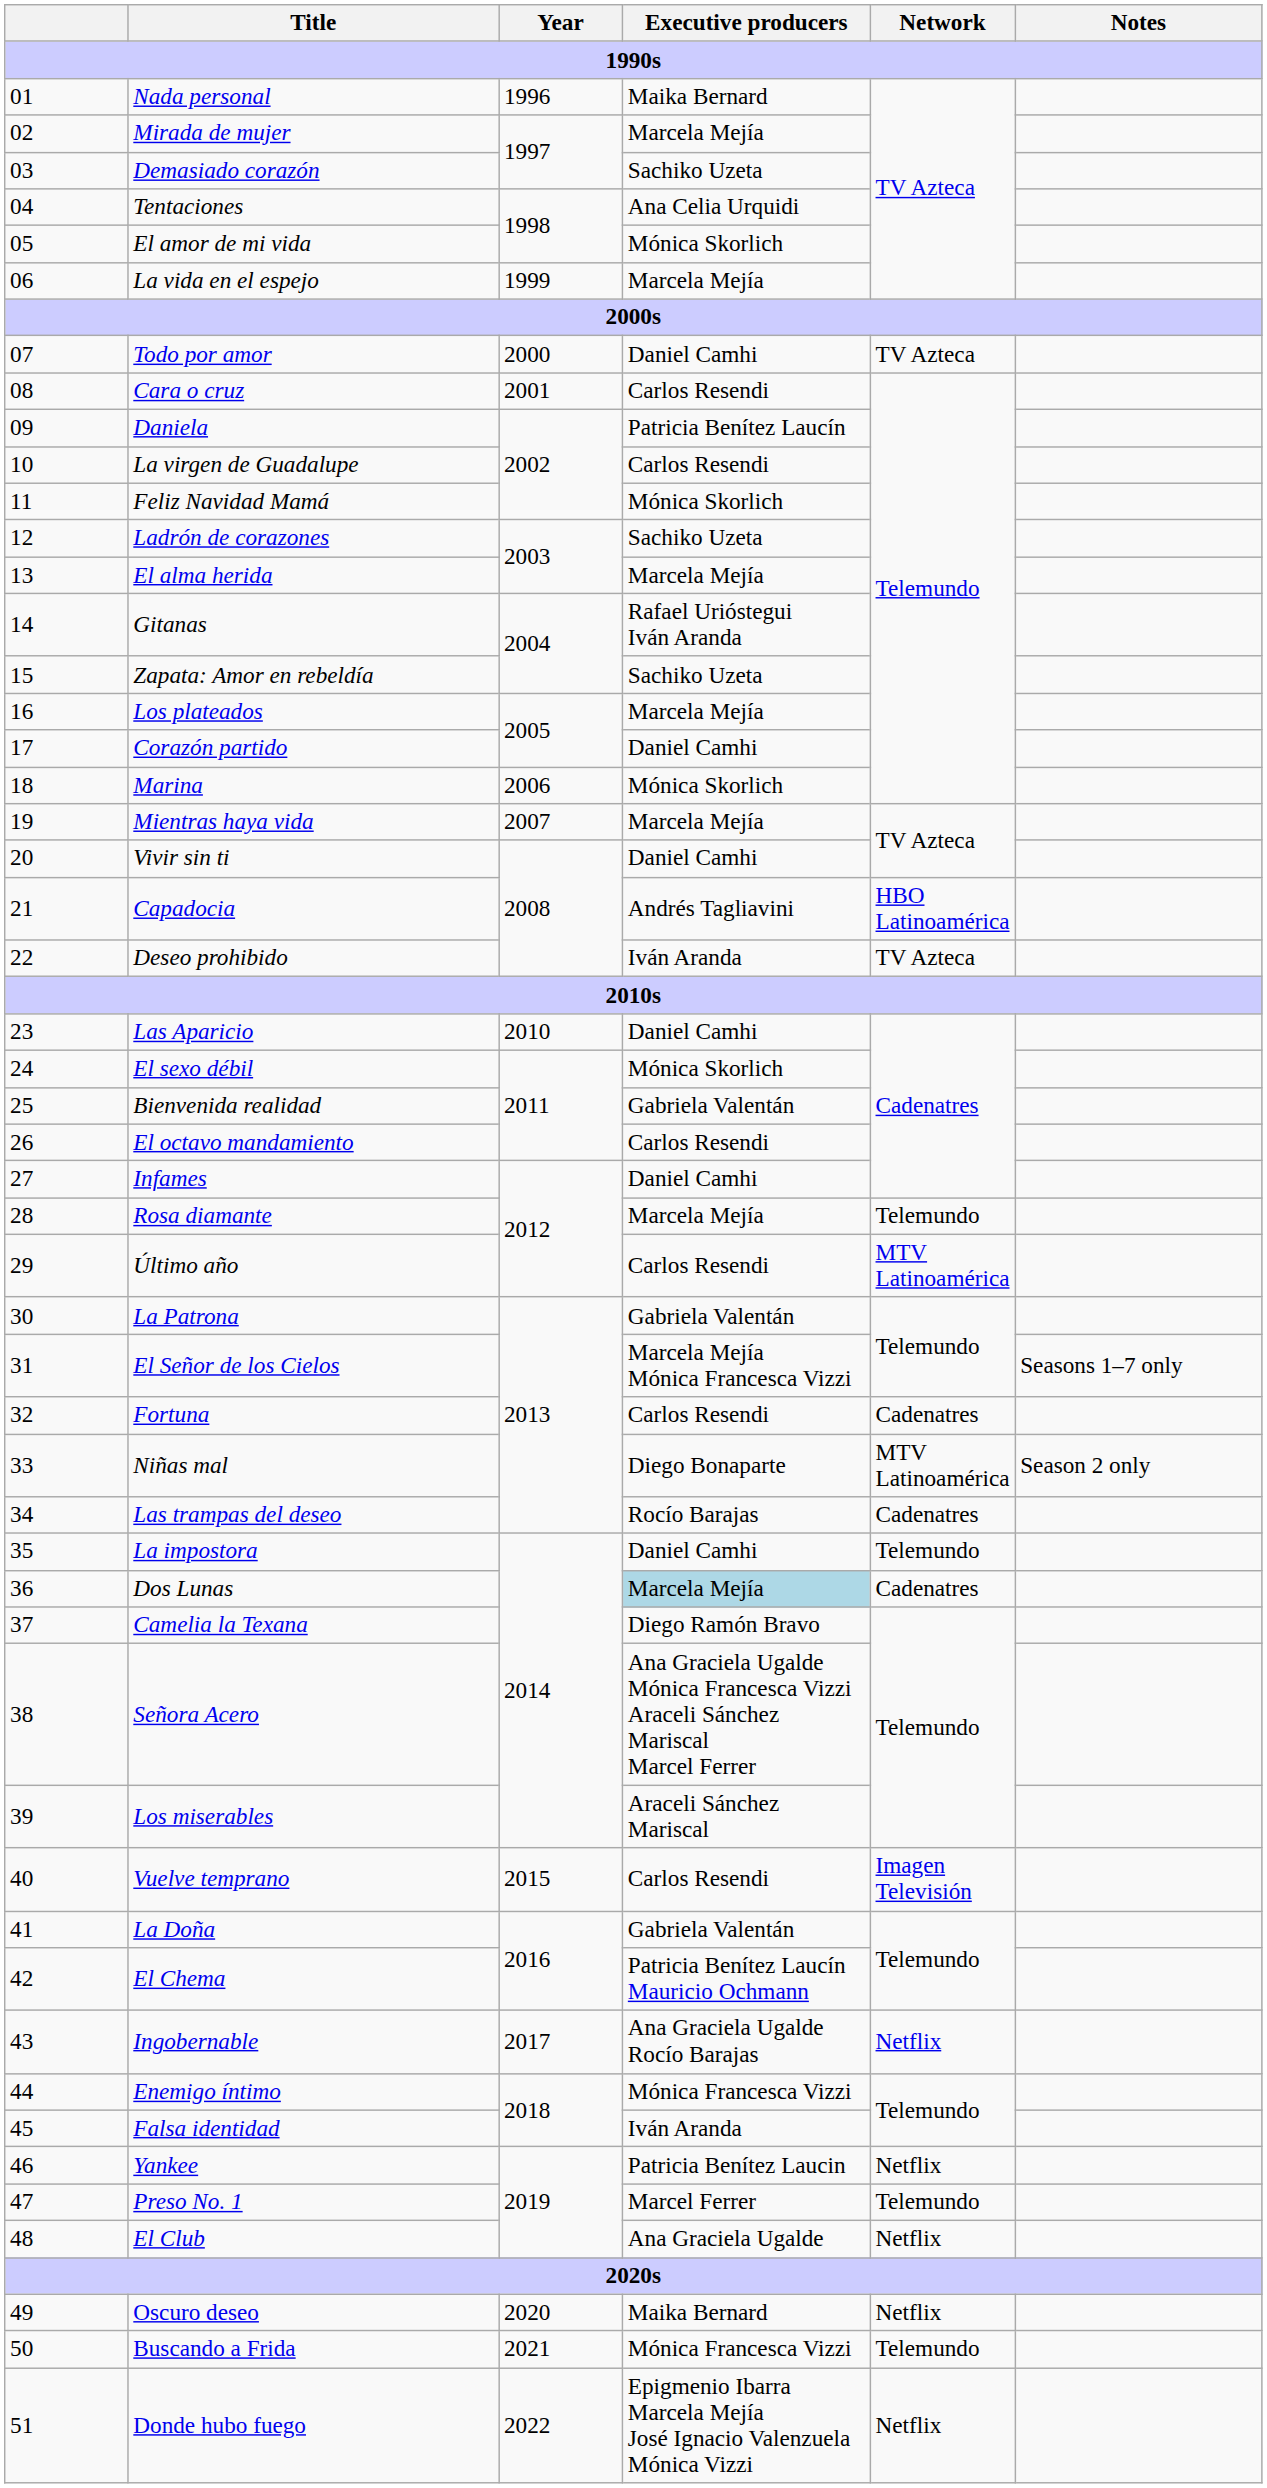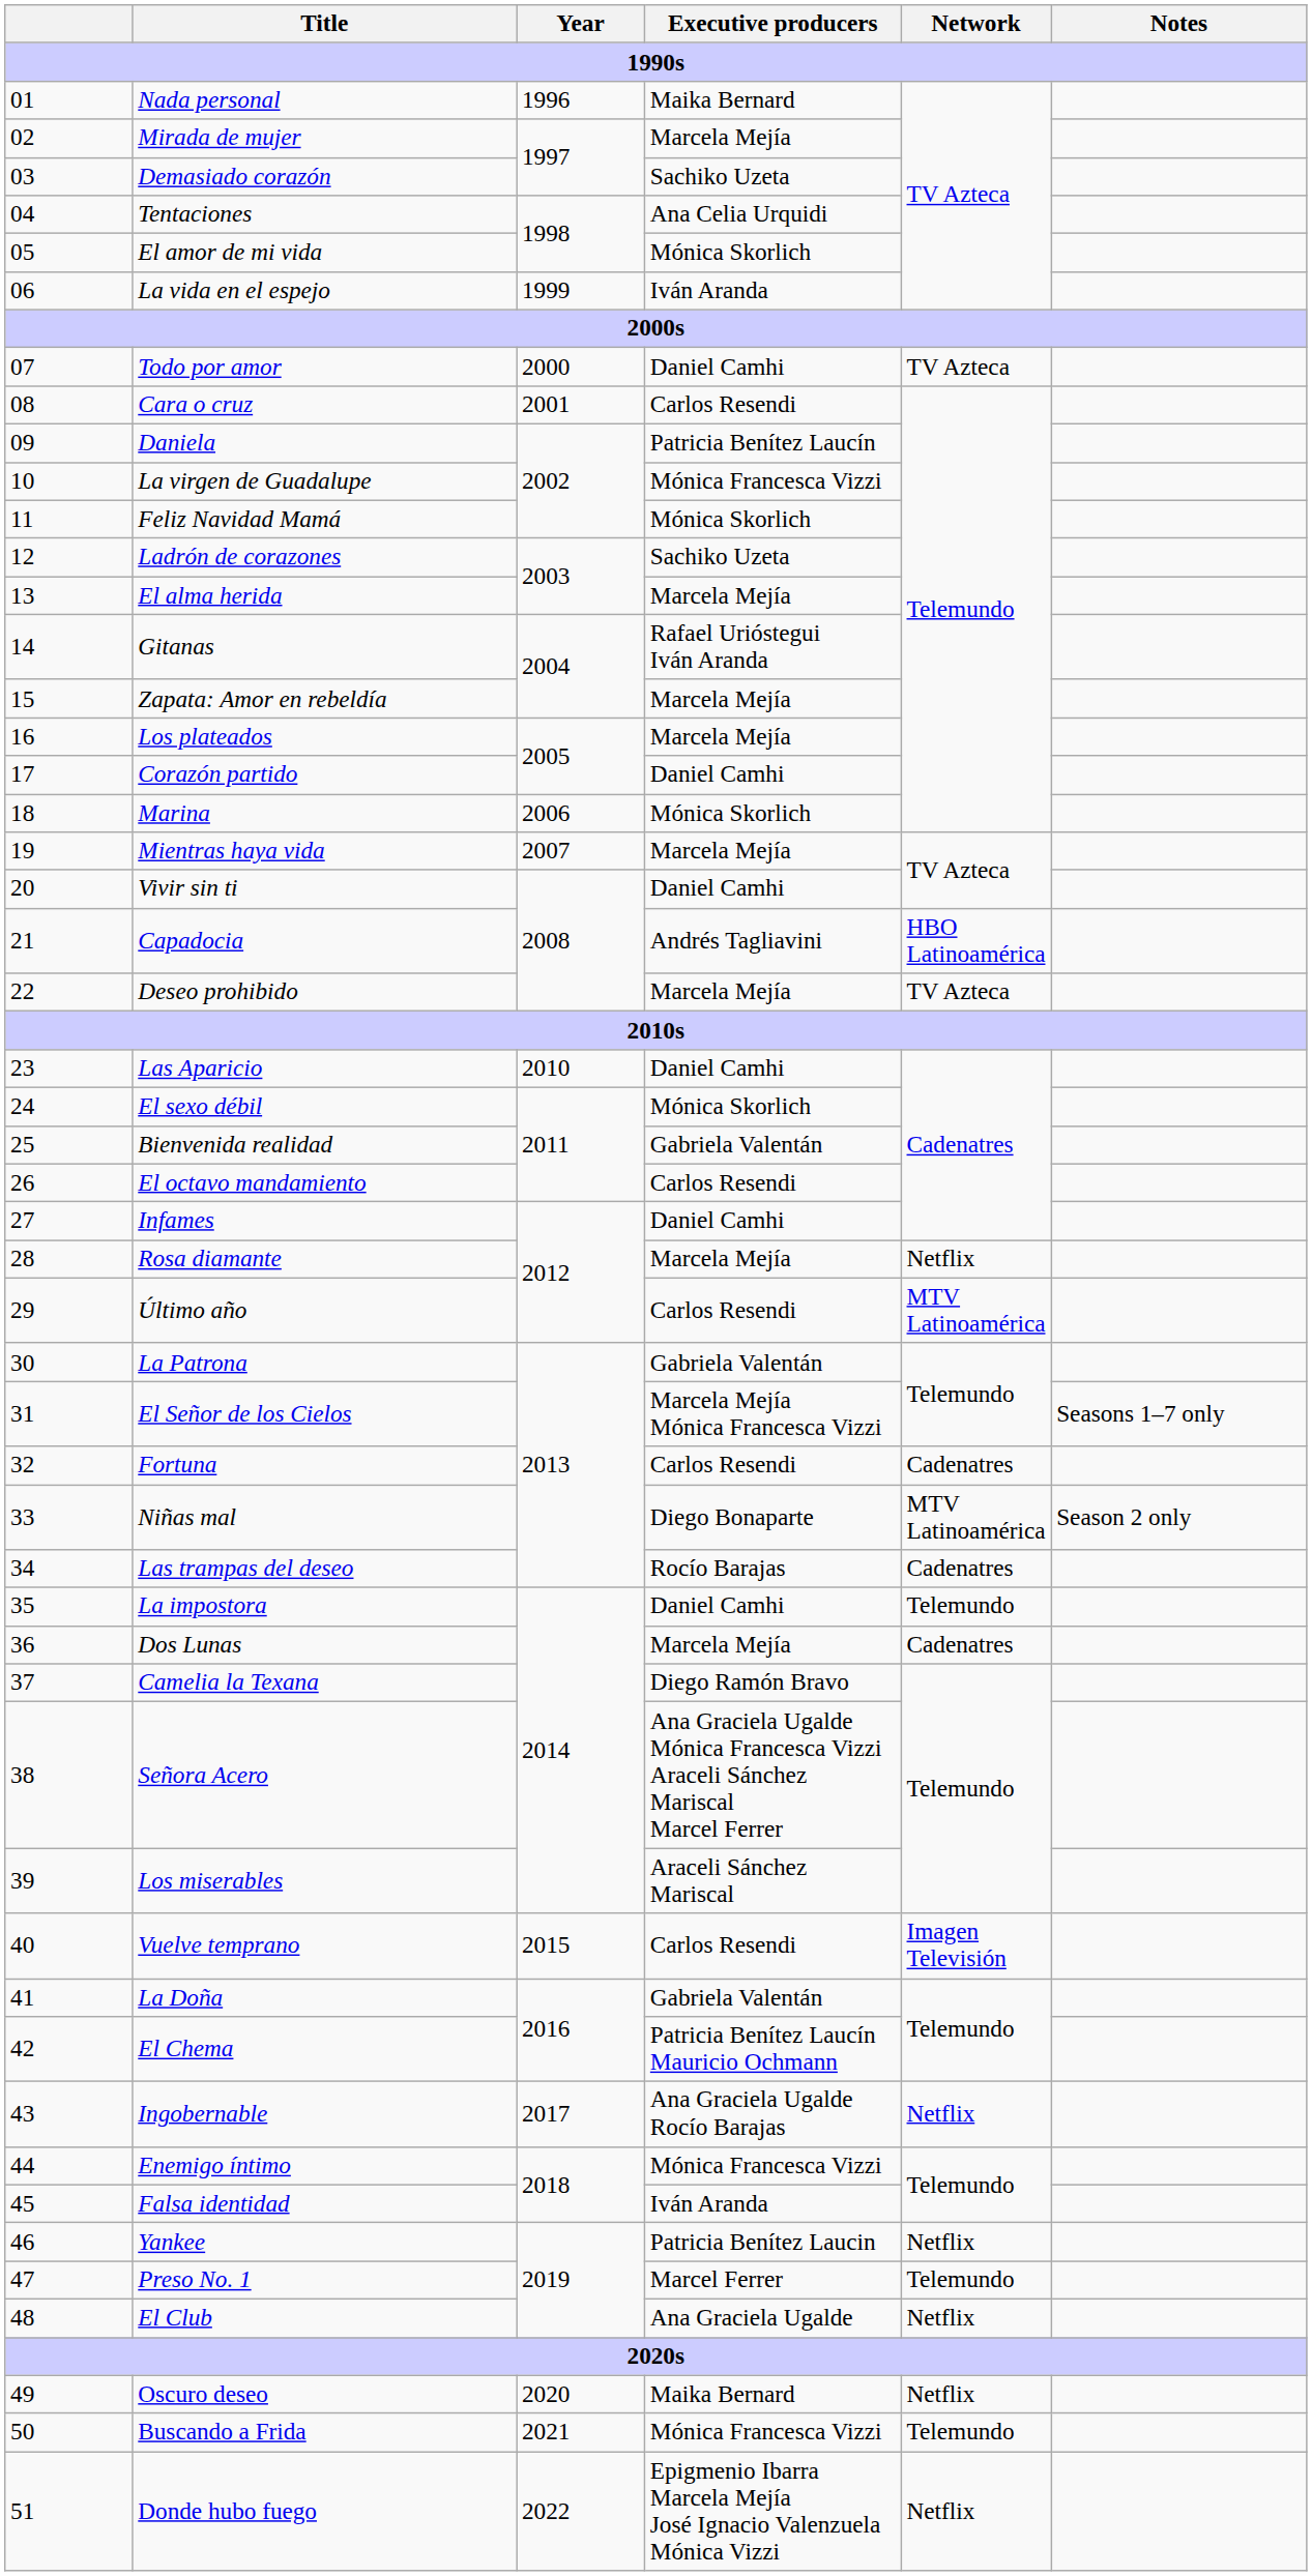 <table class="wikitable sortable">
 <tr>
 <th style="width:10%"></th>
 <th style="width:30%">Title</th>
 <th style="width:10%">Year</th>
 <th style="width:20%">Executive producers</th>
 <th style="width:10%;">Network</th>
 <th style="width:20%">Notes</th>
 </tr>
 <tr>
 <th colspan=6 style="background:#ccccff;">1990s</th>
 </tr>
 <tr>
 <td>01</td>
 <td><em><a href='#'>Nada personal</a></em></td>
 <td>1996</td>
 <td>Maika Bernard</td>
 <td rowspan="6"><a href='#'>TV Azteca</a></td>
 <td></td>
 </tr>
 <tr>
 <td>02</td>
 <td><em><a href='#'>Mirada de mujer</a></em></td>
 <td rowspan="2">1997</td>
 <td>Marcela Mejía</td>
 <td></td>
 </tr>
 <tr>
 <td>03</td>
 <td><em><a href='#'>Demasiado corazón</a></em></td>
 <td>Sachiko Uzeta</td>
 <td></td>
 </tr>
 <tr>
 <td>04</td>
 <td><em>Tentaciones</em></td>
 <td rowspan="2">1998</td>
 <td>Ana Celia Urquidi</td>
 <td></td>
 </tr>
 <tr>
 <td>05</td>
 <td><em>El amor de mi vida</em></td>
 <td>Mónica Skorlich</td>
 <td></td>
 </tr>
 <tr>
 <td>06</td>
 <td><em>La vida en el espejo</em></td>
 <td>1999</td>
-<td>Marcela Mejía</td>
+<td>Iván Aranda</td>
 <td></td>
 </tr>
 <tr>
 <th colspan=6 style="background:#ccccff;">2000s</th>
 </tr>
 <tr>
 <td>07</td>
 <td><em><a href='#'>Todo por amor</a></em></td>
 <td>2000</td>
 <td>Daniel Camhi</td>
 <td>TV Azteca</td>
 <td></td>
 </tr>
 <tr>
 <td>08</td>
 <td><em><a href='#'>Cara o cruz</a></em></td>
 <td>2001</td>
 <td>Carlos Resendi</td>
 <td rowspan="11"><a href='#'>Telemundo</a></td>
 <td></td>
 </tr>
 <tr>
 <td>09</td>
 <td><em><a href='#'>Daniela</a></em></td>
 <td rowspan="3">2002</td>
 <td>Patricia Benítez Laucín</td>
 <td></td>
 </tr>
 <tr>
 <td>10</td>
 <td><em>La virgen de Guadalupe</em></td>
-<td>Carlos Resendi</td>
+<td>Mónica Francesca Vizzi</td>
 <td></td>
 </tr>
 <tr>
 <td>11</td>
 <td><em>Feliz Navidad Mamá</em></td>
 <td>Mónica Skorlich</td>
 <td></td>
 </tr>
 <tr>
 <td>12</td>
 <td><em><a href='#'>Ladrón de corazones</a></em></td>
 <td rowspan="2">2003</td>
 <td>Sachiko Uzeta</td>
 <td></td>
 </tr>
 <tr>
 <td>13</td>
 <td><em><a href='#'>El alma herida</a></em></td>
 <td>Marcela Mejía</td>
 <td></td>
 </tr>
 <tr>
 <td>14</td>
 <td><em>Gitanas</em></td>
 <td rowspan="2">2004</td>
 <td>Rafael Urióstegui<br>Iván Aranda</td>
 <td></td>
 </tr>
 <tr>
 <td>15</td>
 <td><em>Zapata: Amor en rebeldía</em></td>
-<td>Sachiko Uzeta</td>
+<td>Marcela Mejía</td>
 <td></td>
 </tr>
 <tr>
 <td>16</td>
 <td><em><a href='#'>Los plateados</a></em></td>
 <td rowspan="2">2005</td>
 <td>Marcela Mejía</td>
 <td></td>
 </tr>
 <tr>
 <td>17</td>
 <td><em><a href='#'>Corazón partido</a></em></td>
 <td>Daniel Camhi</td>
 <td></td>
 </tr>
 <tr>
 <td>18</td>
 <td><em><a href='#'>Marina</a></em></td>
 <td>2006</td>
 <td>Mónica Skorlich</td>
 <td></td>
 </tr>
 <tr>
 <td>19</td>
 <td><em><a href='#'>Mientras haya vida</a></em></td>
 <td>2007</td>
 <td>Marcela Mejía</td>
 <td rowspan="2">TV Azteca</td>
 <td></td>
 </tr>
 <tr>
 <td>20</td>
 <td><em>Vivir sin ti</em></td>
 <td rowspan="3">2008</td>
 <td>Daniel Camhi</td>
 <td></td>
 </tr>
 <tr>
 <td>21</td>
 <td><em><a href='#'>Capadocia</a></em></td>
 <td>Andrés Tagliavini</td>
 <td><a href='#'>HBO Latinoamérica</a></td>
 <td></td>
 </tr>
 <tr>
 <td>22</td>
 <td><em>Deseo prohibido</em></td>
-<td>Iván Aranda</td>
+<td>Marcela Mejía</td>
 <td>TV Azteca</td>
 <td></td>
 </tr>
 <tr>
 <th colspan=6 style="background:#ccccff;">2010s</th>
 </tr>
 <tr>
 <td>23</td>
 <td><em><a href='#'>Las Aparicio</a></em></td>
 <td>2010</td>
 <td>Daniel Camhi</td>
 <td rowspan="5"><a href='#'>Cadenatres</a></td>
 <td></td>
 </tr>
 <tr>
 <td>24</td>
 <td><em><a href='#'>El sexo débil</a></em></td>
 <td rowspan="3">2011</td>
 <td>Mónica Skorlich</td>
 <td></td>
 </tr>
 <tr>
 <td>25</td>
 <td><em>Bienvenida realidad</em></td>
 <td>Gabriela Valentán</td>
 <td></td>
 </tr>
 <tr>
 <td>26</td>
 <td><em><a href='#'>El octavo mandamiento</a></em></td>
 <td>Carlos Resendi</td>
 <td></td>
 </tr>
 <tr>
 <td>27</td>
 <td><em><a href='#'>Infames</a></em></td>
 <td rowspan="3">2012</td>
 <td>Daniel Camhi</td>
 <td></td>
 </tr>
 <tr>
 <td>28</td>
 <td><em><a href='#'>Rosa diamante</a></em></td>
 <td>Marcela Mejía</td>
-<td>Telemundo</td>
+<td>Netflix</td>
 <td></td>
 </tr>
 <tr>
 <td>29</td>
 <td><em>Último año</em></td>
 <td>Carlos Resendi</td>
 <td><a href='#'>MTV Latinoamérica</a></td>
 <td></td>
 </tr>
 <tr>
 <td>30</td>
 <td><em><a href='#'>La Patrona</a></em></td>
 <td rowspan="5">2013</td>
 <td>Gabriela Valentán</td>
 <td rowspan="2">Telemundo</td>
 <td></td>
 </tr>
 <tr>
 <td>31</td>
 <td><em><a href='#'>El Señor de los Cielos</a></em></td>
 <td>Marcela Mejía<br>Mónica Francesca Vizzi</td>
 <td>Seasons 1–7 only</td>
 </tr>
 <tr>
 <td>32</td>
 <td><em><a href='#'>Fortuna</a></em></td>
 <td>Carlos Resendi</td>
 <td>Cadenatres</td>
 <td></td>
 </tr>
 <tr>
 <td>33</td>
 <td><em>Niñas mal</em></td>
 <td>Diego Bonaparte</td>
 <td>MTV Latinoamérica</td>
 <td>Season 2 only</td>
 </tr>
 <tr>
 <td>34</td>
 <td><em><a href='#'>Las trampas del deseo</a></em></td>
 <td>Rocío Barajas</td>
 <td>Cadenatres</td>
 <td></td>
 </tr>
 <tr>
 <td>35</td>
 <td><em><a href='#'>La impostora</a></em></td>
 <td rowspan="5">2014</td>
 <td>Daniel Camhi</td>
 <td>Telemundo</td>
 <td></td>
 </tr>
 <tr>
 <td>36</td>
 <td><em>Dos Lunas</em></td>
-<td style="background: lightblue;">Marcela Mejía</td>
+<td>Marcela Mejía</td>
 <td>Cadenatres</td>
 <td></td>
 </tr>
 <tr>
 <td>37</td>
 <td><em><a href='#'>Camelia la Texana</a></em></td>
 <td>Diego Ramón Bravo</td>
 <td rowspan="3">Telemundo</td>
 <td></td>
 </tr>
 <tr>
 <td>38</td>
 <td><em><a href='#'>Señora Acero</a></em></td>
 <td>Ana Graciela Ugalde<br>Mónica Francesca Vizzi<br>Araceli Sánchez Mariscal<br>Marcel Ferrer</td>
 <td></td>
 </tr>
 <tr>
 <td>39</td>
 <td><em><a href='#'>Los miserables</a></em></td>
 <td>Araceli Sánchez Mariscal</td>
 <td></td>
 </tr>
 <tr>
 <td>40</td>
 <td><em><a href='#'>Vuelve temprano</a></em></td>
 <td>2015</td>
 <td>Carlos Resendi</td>
 <td><a href='#'>Imagen Televisión</a></td>
 <td></td>
 </tr>
 <tr>
 <td>41</td>
 <td><em><a href='#'>La Doña</a></em></td>
 <td rowspan="2">2016</td>
 <td>Gabriela Valentán</td>
 <td rowspan="2">Telemundo</td>
 <td></td>
 </tr>
 <tr>
 <td>42</td>
 <td><em><a href='#'>El Chema</a></em></td>
 <td>Patricia Benítez Laucín<br><a href='#'>Mauricio Ochmann</a></td>
 <td></td>
 </tr>
 <tr>
 <td>43</td>
 <td><em><a href='#'>Ingobernable</a></em></td>
 <td>2017</td>
 <td>Ana Graciela Ugalde<br>Rocío Barajas</td>
 <td><a href='#'>Netflix</a></td>
 <td></td>
 </tr>
 <tr>
 <td>44</td>
 <td><em><a href='#'>Enemigo íntimo</a></em></td>
 <td rowspan="2">2018</td>
 <td>Mónica Francesca Vizzi</td>
 <td rowspan="2">Telemundo</td>
 <td></td>
 </tr>
 <tr>
 <td>45</td>
 <td><em><a href='#'>Falsa identidad</a></em></td>
 <td>Iván Aranda</td>
 <td></td>
 </tr>
 <tr>
 <td>46</td>
 <td><em><a href='#'>Yankee</a></em></td>
 <td rowspan="3">2019</td>
 <td>Patricia Benítez Laucin</td>
 <td>Netflix</td>
 <td></td>
 </tr>
 <tr>
 <td>47</td>
 <td><em><a href='#'>Preso No. 1</a></em></td>
 <td>Marcel Ferrer</td>
 <td>Telemundo</td>
 <td></td>
 </tr>
 <tr>
 <td>48</td>
 <td><em><a href='#'>El Club</a></td>
 <td>Ana Graciela Ugalde</td>
 <td>Netflix</td>
 <td></td>
 </tr>
 <tr>
 <th colspan=6 style="background:#ccccff;">2020s</th>
 </tr>
 <tr>
 <td>49</td>
 <td></em><a href='#'>Oscuro deseo</a><em></td>
 <td>2020</td>
 <td>Maika Bernard</td>
 <td>Netflix</td>
 <td></td>
 </tr>
 <tr>
 <td>50</td>
 <td></em><a href='#'>Buscando a Frida</a><em></td>
 <td>2021</td>
 <td>Mónica Francesca Vizzi</td>
 <td>Telemundo</td>
 <td></td>
 </tr>
 <tr>
 <td>51</td>
 <td></em><a href='#'>Donde hubo fuego</a><em></td>
 <td>2022</td>
 <td>Epigmenio Ibarra<br>Marcela Mejía<br>José Ignacio Valenzuela<br>Mónica Vizzi</td>
 <td>Netflix</td>
 <td></td>
 </tr>
 </table>
